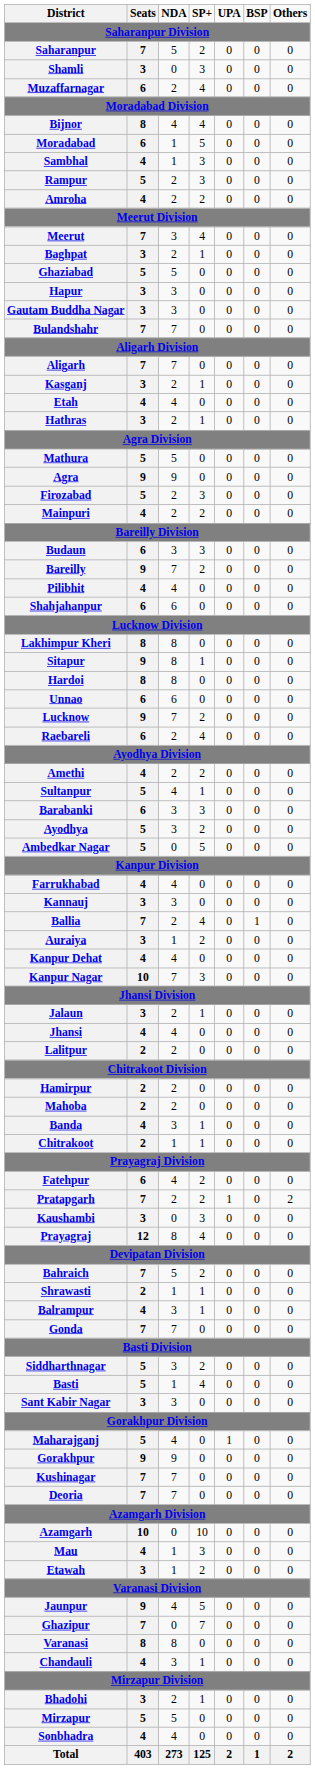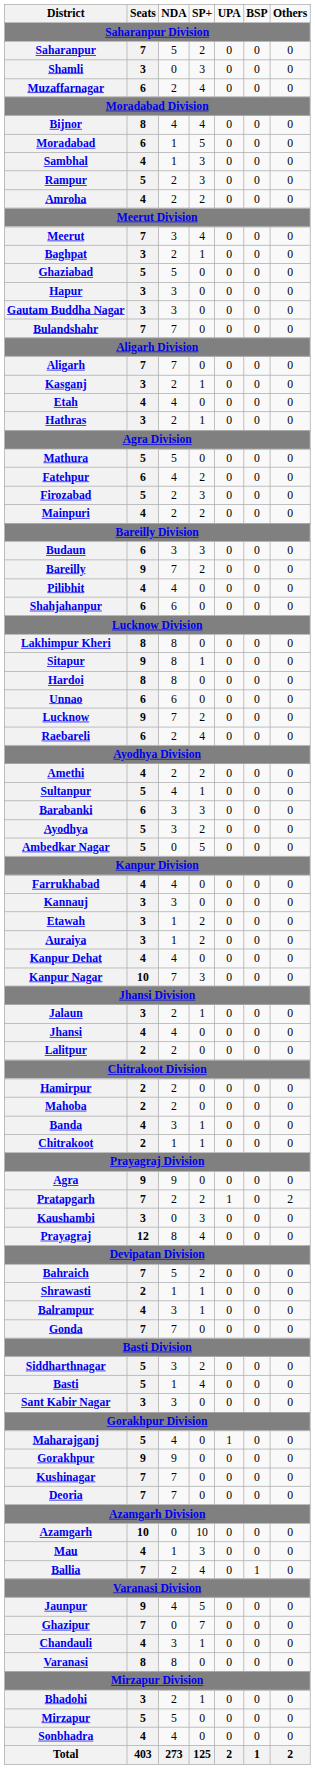 <table class="wikitable sortable" style="text-align:center">
 <tr>
 <th>District</th>
 <th>Seats</th>
 <td style="text-align:center; background:"><span><strong>NDA</strong></span></td>
 <td style="text-align:center; background:"><strong>SP+</strong></td>
 <td style="text-align:center; background:"><span><strong>UPA</strong></span></td>
 <td style="text-align:center; background:"><strong>BSP</strong></td>
 <td style="text-align:center; background:"><span><strong>Others</strong></span></td>
 </tr>
 <tr>
 <td colspan="7" align="center" bgcolor="grey"><a href='#'><span><strong>Saharanpur Division</strong></span></a></td>
 </tr>
 <tr>
 <th><a href='#'>Saharanpur</a></th>
 <th>7</th>
 <td style="background:">5</td>
 <td>2</td>
 <td>0</td>
 <td>0</td>
 <td>0</td>
 </tr>
 <tr>
 <th><a href='#'>Shamli</a></th>
 <th>3</th>
 <td>0</td>
 <td style="background:">3</td>
 <td>0</td>
 <td>0</td>
 <td>0</td>
 </tr>
 <tr>
 <th><a href='#'>Muzaffarnagar</a></th>
 <th>6</th>
 <td>2</td>
 <td style="background:">4</td>
 <td>0</td>
 <td>0</td>
 <td>0</td>
 </tr>
 <tr>
 <td colspan="7" align="center" bgcolor="grey"><a href='#'><span><strong>Moradabad Division</strong></span></a></td>
 </tr>
 <tr>
 <th><a href='#'>Bijnor</a></th>
 <th>8</th>
 <td>4</td>
 <td>4</td>
 <td>0</td>
 <td>0</td>
 <td>0</td>
 </tr>
 <tr>
 <th><a href='#'>Moradabad</a></th>
 <th>6</th>
 <td>1</td>
 <td style="background:">5</td>
 <td>0</td>
 <td>0</td>
 <td>0</td>
 </tr>
 <tr>
 <th><a href='#'>Sambhal</a></th>
 <th>4</th>
 <td>1</td>
 <td style="background:">3</td>
 <td>0</td>
 <td>0</td>
 <td>0</td>
 </tr>
 <tr>
 <th><a href='#'>Rampur</a></th>
 <th>5</th>
 <td>2</td>
 <td style="background:">3</td>
 <td>0</td>
 <td>0</td>
 <td>0</td>
 </tr>
 <tr>
 <th><a href='#'>Amroha</a></th>
 <th>4</th>
 <td>2</td>
 <td>2</td>
 <td>0</td>
 <td>0</td>
 <td>0</td>
 </tr>
 <tr>
 <td colspan="7" align="center" bgcolor="grey"><a href='#'><span><strong>Meerut Division</strong></span></a></td>
 </tr>
 <tr>
 <th><a href='#'>Meerut</a></th>
 <th>7</th>
 <td>3</td>
 <td style="background:">4</td>
 <td>0</td>
 <td>0</td>
 <td>0</td>
 </tr>
 <tr>
 <th><a href='#'>Baghpat</a></th>
 <th>3</th>
 <td style="background:">2</td>
 <td>1</td>
 <td>0</td>
 <td>0</td>
 <td>0</td>
 </tr>
 <tr>
 <th><a href='#'>Ghaziabad</a></th>
 <th>5</th>
 <td style="background:">5</td>
 <td>0</td>
 <td>0</td>
 <td>0</td>
 <td>0</td>
 </tr>
 <tr>
 <th><a href='#'>Hapur</a></th>
 <th>3</th>
 <td style="background:">3</td>
 <td>0</td>
 <td>0</td>
 <td>0</td>
 <td>0</td>
 </tr>
 <tr>
 <th><a href='#'>Gautam Buddha Nagar</a></th>
 <th>3</th>
 <td style="background:">3</td>
 <td>0</td>
 <td>0</td>
 <td>0</td>
 <td>0</td>
 </tr>
 <tr>
 <th><a href='#'>Bulandshahr</a></th>
 <th>7</th>
 <td style="background:">7</td>
 <td>0</td>
 <td>0</td>
 <td>0</td>
 <td>0</td>
 </tr>
 <tr>
 <td colspan="7" align="center" bgcolor="grey"><a href='#'><span><strong>Aligarh Division</strong></span></a></td>
 </tr>
 <tr>
 <th><a href='#'>Aligarh</a></th>
 <th>7</th>
 <td style="background:">7</td>
 <td>0</td>
 <td>0</td>
 <td>0</td>
 <td>0</td>
 </tr>
 <tr>
 <th><a href='#'>Kasganj</a></th>
 <th>3</th>
 <td style="background:">2</td>
 <td>1</td>
 <td>0</td>
 <td>0</td>
 <td>0</td>
 </tr>
 <tr>
 <th><a href='#'>Etah</a></th>
 <th>4</th>
 <td style="background:">4</td>
 <td>0</td>
 <td>0</td>
 <td>0</td>
 <td>0</td>
 </tr>
 <tr>
 <th><a href='#'>Hathras</a></th>
 <th>3</th>
 <td style="background:">2</td>
 <td>1</td>
 <td>0</td>
 <td>0</td>
 <td>0</td>
 </tr>
 <tr>
 <td colspan="7" align="center" bgcolor="grey"><a href='#'><span><strong>Agra Division</strong></span></a></td>
 </tr>
 <tr>
 <th><a href='#'>Mathura</a></th>
 <th>5</th>
 <td style="background:">5</td>
 <td>0</td>
 <td>0</td>
 <td>0</td>
 <td>0</td>
 </tr>
 <tr>
-<th><a href='#'>Agra</a></th>
-<th>9</th>
-<td style="background:">9</td>
-<td>0</td>
+<th><a href='#'>Fatehpur</a></th>
+<th>6</th>
+<td style="background:">4</td>
+<td>2</td>
 <td>0</td>
 <td>0</td>
 <td>0</td>
 </tr>
 <tr>
 <th><a href='#'>Firozabad</a></th>
 <th>5</th>
 <td>2</td>
 <td style="background:">3</td>
 <td>0</td>
 <td>0</td>
 <td>0</td>
 </tr>
 <tr>
 <th><a href='#'>Mainpuri</a></th>
 <th>4</th>
 <td>2</td>
 <td>2</td>
 <td>0</td>
 <td>0</td>
 <td>0</td>
 </tr>
 <tr>
 </tr>
 <tr>
 <td colspan="7" align="center" bgcolor="grey"><a href='#'><span><strong>Bareilly Division</strong></span></a></td>
 </tr>
 <tr>
 <th><a href='#'>Budaun</a></th>
 <th>6</th>
 <td>3</td>
 <td>3</td>
 <td>0</td>
 <td>0</td>
 <td>0</td>
 </tr>
 <tr>
 <th><a href='#'>Bareilly</a></th>
 <th>9</th>
 <td style="background:">7</td>
 <td>2</td>
 <td>0</td>
 <td>0</td>
 <td>0</td>
 </tr>
 <tr>
 <th><a href='#'>Pilibhit</a></th>
 <th>4</th>
 <td style="background:">4</td>
 <td>0</td>
 <td>0</td>
 <td>0</td>
 <td>0</td>
 </tr>
 <tr>
 <th><a href='#'>Shahjahanpur</a></th>
 <th>6</th>
 <td style="background:">6</td>
 <td>0</td>
 <td>0</td>
 <td>0</td>
 <td>0</td>
 </tr>
 <tr>
 <td colspan="7" align="center" bgcolor="grey"><a href='#'><span><strong>Lucknow Division</strong></span></a></td>
 </tr>
 <tr>
 <th><a href='#'>Lakhimpur Kheri</a></th>
 <th>8</th>
 <td style="background:">8</td>
 <td>0</td>
 <td>0</td>
 <td>0</td>
 <td>0</td>
 </tr>
 <tr>
 <th><a href='#'>Sitapur</a></th>
 <th>9</th>
 <td style="background:">8</td>
 <td>1</td>
 <td>0</td>
 <td>0</td>
 <td>0</td>
 </tr>
 <tr>
 <th><a href='#'>Hardoi</a></th>
 <th>8</th>
 <td style="background:">8</td>
 <td>0</td>
 <td>0</td>
 <td>0</td>
 <td>0</td>
 </tr>
 <tr>
 <th><a href='#'>Unnao</a></th>
 <th>6</th>
 <td style="background:">6</td>
 <td>0</td>
 <td>0</td>
 <td>0</td>
 <td>0</td>
 </tr>
 <tr>
 <th><a href='#'>Lucknow</a></th>
 <th>9</th>
 <td style="background:">7</td>
 <td>2</td>
 <td>0</td>
 <td>0</td>
 <td>0</td>
 </tr>
 <tr>
 <th><a href='#'>Raebareli</a></th>
 <th>6</th>
 <td>2</td>
 <td style="background:">4</td>
 <td>0</td>
 <td>0</td>
 <td>0</td>
 </tr>
 <tr>
 <td colspan="7" align="center" bgcolor="grey"><a href='#'><span><strong>Ayodhya Division</strong></span></a></td>
 </tr>
 <tr>
 <th><a href='#'>Amethi</a></th>
 <th>4</th>
 <td>2</td>
 <td>2</td>
 <td>0</td>
 <td>0</td>
 <td>0</td>
 </tr>
 <tr>
 <th><a href='#'>Sultanpur</a></th>
 <th>5</th>
 <td style="background:">4</td>
 <td>1</td>
 <td>0</td>
 <td>0</td>
 <td>0</td>
 </tr>
 <tr>
 <th><a href='#'>Barabanki</a></th>
 <th>6</th>
 <td>3</td>
 <td>3</td>
 <td>0</td>
 <td>0</td>
 <td>0</td>
 </tr>
 <tr>
 <th><a href='#'>Ayodhya</a></th>
 <th>5</th>
 <td style="background:">3</td>
 <td>2</td>
 <td>0</td>
 <td>0</td>
 <td>0</td>
 </tr>
 <tr>
 <th><a href='#'>Ambedkar Nagar</a></th>
 <th>5</th>
 <td>0</td>
 <td style="background:">5</td>
 <td>0</td>
 <td>0</td>
 <td>0</td>
 </tr>
 <tr>
 <td colspan="7" align="center" bgcolor="grey"><a href='#'><span><strong>Kanpur Division</strong></span></a></td>
 </tr>
 <tr>
 <th><a href='#'>Farrukhabad</a></th>
 <th>4</th>
 <td style="background:">4</td>
 <td>0</td>
 <td>0</td>
 <td>0</td>
 <td>0</td>
 </tr>
 <tr>
 <th><a href='#'>Kannauj</a></th>
 <th>3</th>
 <td style="background:">3</td>
 <td>0</td>
 <td>0</td>
 <td>0</td>
 <td>0</td>
 </tr>
 <tr>
-<th><a href='#'>Ballia</a></th>
-<th>7</th>
-<td>2</td>
-<td style="background:">4</td>
+<th><a href='#'>Etawah</a></th>
+<th>3</th>
+<td>1</td>
+<td style="background:">2</td>
 <td>0</td>
-<td>1</td>
+<td>0</td>
 <td>0</td>
 </tr>
 <tr>
 <th><a href='#'>Auraiya</a></th>
 <th>3</th>
 <td>1</td>
 <td style="background:">2</td>
 <td>0</td>
 <td>0</td>
 <td>0</td>
 </tr>
 <tr>
 <th><a href='#'>Kanpur Dehat</a></th>
 <th>4</th>
 <td style="background:">4</td>
 <td>0</td>
 <td>0</td>
 <td>0</td>
 <td>0</td>
 </tr>
 <tr>
 <th><a href='#'>Kanpur Nagar</a></th>
 <th>10</th>
 <td style="background:">7</td>
 <td>3</td>
 <td>0</td>
 <td>0</td>
 <td>0</td>
 </tr>
 <tr>
 <td colspan="7" align="center" bgcolor="grey"><a href='#'><span><strong>Jhansi Division</strong></span></a></td>
 </tr>
 <tr>
 <th><a href='#'>Jalaun</a></th>
 <th>3</th>
 <td style="background:">2</td>
 <td>1</td>
 <td>0</td>
 <td>0</td>
 <td>0</td>
 </tr>
 <tr>
 <th><a href='#'>Jhansi</a></th>
 <th>4</th>
 <td style="background:">4</td>
 <td>0</td>
 <td>0</td>
 <td>0</td>
 <td>0</td>
 </tr>
 <tr>
 <th><a href='#'>Lalitpur</a></th>
 <th>2</th>
 <td style="background:">2</td>
 <td>0</td>
 <td>0</td>
 <td>0</td>
 <td>0</td>
 </tr>
 <tr>
 <td colspan="7" align="center" bgcolor="grey"><a href='#'><span><strong>Chitrakoot Division</strong></span></a></td>
 </tr>
 <tr>
 <th><a href='#'>Hamirpur</a></th>
 <th>2</th>
 <td style="background:">2</td>
 <td>0</td>
 <td>0</td>
 <td>0</td>
 <td>0</td>
 </tr>
 <tr>
 <th><a href='#'>Mahoba</a></th>
 <th>2</th>
 <td style="background:">2</td>
 <td>0</td>
 <td>0</td>
 <td>0</td>
 <td>0</td>
 </tr>
 <tr>
 <th><a href='#'>Banda</a></th>
 <th>4</th>
 <td style="background:">3</td>
 <td>1</td>
 <td>0</td>
 <td>0</td>
 <td>0</td>
 </tr>
 <tr>
 <th><a href='#'>Chitrakoot</a></th>
 <th>2</th>
 <td>1</td>
 <td>1</td>
 <td>0</td>
 <td>0</td>
 <td>0</td>
 </tr>
 <tr>
 <td colspan="7" align="center" bgcolor="grey"><a href='#'><span><strong>Prayagraj Division</strong></span></a></td>
 </tr>
 <tr>
-<th><a href='#'>Fatehpur</a></th>
-<th>6</th>
-<td style="background:">4</td>
-<td>2</td>
+<th><a href='#'>Agra</a></th>
+<th>9</th>
+<td style="background:">9</td>
+<td>0</td>
 <td>0</td>
 <td>0</td>
 <td>0</td>
 </tr>
 <tr>
 <th><a href='#'>Pratapgarh</a></th>
 <th>7</th>
 <td>2</td>
 <td>2</td>
 <td>1</td>
 <td>0</td>
 <td>2</td>
 </tr>
 <tr>
 <th><a href='#'>Kaushambi</a></th>
 <th>3</th>
 <td>0</td>
 <td style="background:">3</td>
 <td>0</td>
 <td>0</td>
 <td>0</td>
 </tr>
 <tr>
 <th><a href='#'>Prayagraj</a></th>
 <th>12</th>
 <td style="background:">8</td>
 <td>4</td>
 <td>0</td>
 <td>0</td>
 <td>0</td>
 </tr>
 <tr>
 <td colspan="7" align="center" bgcolor="grey"><a href='#'><span><strong>Devipatan Division</strong></span></a></td>
 </tr>
 <tr>
 <th><a href='#'>Bahraich</a></th>
 <th>7</th>
 <td style="background:">5</td>
 <td>2</td>
 <td>0</td>
 <td>0</td>
 <td>0</td>
 </tr>
 <tr>
 <th><a href='#'>Shrawasti</a></th>
 <th>2</th>
 <td>1</td>
 <td>1</td>
 <td>0</td>
 <td>0</td>
 <td>0</td>
 </tr>
 <tr>
 <th><a href='#'>Balrampur</a></th>
 <th>4</th>
 <td style="background:">3</td>
 <td>1</td>
 <td>0</td>
 <td>0</td>
 <td>0</td>
 </tr>
 <tr>
 <th><a href='#'>Gonda</a></th>
 <th>7</th>
 <td style="background:">7</td>
 <td>0</td>
 <td>0</td>
 <td>0</td>
 <td>0</td>
 </tr>
 <tr>
 <td colspan="7" align="center" bgcolor="grey"><a href='#'><span><strong>Basti Division</strong></span></a></td>
 </tr>
 <tr>
 <th><a href='#'>Siddharthnagar</a></th>
 <th>5</th>
 <td style="background:">3</td>
 <td>2</td>
 <td>0</td>
 <td>0</td>
 <td>0</td>
 </tr>
 <tr>
 <th><a href='#'>Basti</a></th>
 <th>5</th>
 <td>1</td>
 <td style="background:">4</td>
 <td>0</td>
 <td>0</td>
 <td>0</td>
 </tr>
 <tr>
 <th><a href='#'>Sant Kabir Nagar</a></th>
 <th>3</th>
 <td style="background:">3</td>
 <td>0</td>
 <td>0</td>
 <td>0</td>
 <td>0</td>
 </tr>
 <tr>
 <td colspan="7" align="center" bgcolor="grey"><a href='#'><span><strong>Gorakhpur Division</strong></span></a></td>
 </tr>
 <tr>
 <th><a href='#'>Maharajganj</a></th>
 <th>5</th>
 <td style="background:">4</td>
 <td>0</td>
 <td>1</td>
 <td>0</td>
 <td>0</td>
 </tr>
 <tr>
 <th><a href='#'>Gorakhpur</a></th>
 <th>9</th>
 <td style="background:">9</td>
 <td>0</td>
 <td>0</td>
 <td>0</td>
 <td>0</td>
 </tr>
 <tr>
 <th><a href='#'>Kushinagar</a></th>
 <th>7</th>
 <td style="background:">7</td>
 <td>0</td>
 <td>0</td>
 <td>0</td>
 <td>0</td>
 </tr>
 <tr>
 <th><a href='#'>Deoria</a></th>
 <th>7</th>
 <td style="background:">7</td>
 <td>0</td>
 <td>0</td>
 <td>0</td>
 <td>0</td>
 </tr>
 <tr>
 <td colspan="7" align="center" bgcolor="grey"><a href='#'><span><strong>Azamgarh Division</strong></span></a></td>
 </tr>
 <tr>
 <th><a href='#'>Azamgarh</a></th>
 <th>10</th>
 <td>0</td>
 <td style="background:">10</td>
 <td>0</td>
 <td>0</td>
 <td>0</td>
 </tr>
 <tr>
 <th><a href='#'>Mau</a></th>
 <th>4</th>
 <td>1</td>
 <td style="background:">3</td>
 <td>0</td>
 <td>0</td>
 <td>0</td>
 </tr>
 <tr>
-<th><a href='#'>Etawah</a></th>
-<th>3</th>
+<th><a href='#'>Ballia</a></th>
+<th>7</th>
+<td>2</td>
+<td style="background:">4</td>
+<td>0</td>
 <td>1</td>
-<td style="background:">2</td>
-<td>0</td>
-<td>0</td>
 <td>0</td>
 </tr>
 <tr>
 <td colspan="7" align="center" bgcolor="grey"><a href='#'><span><strong>Varanasi Division</strong></span></a></td>
 </tr>
 <tr>
 <th><a href='#'>Jaunpur</a></th>
 <th>9</th>
 <td>4</td>
 <td style="background:">5</td>
 <td>0</td>
 <td>0</td>
 <td>0</td>
 </tr>
 <tr>
 <th><a href='#'>Ghazipur</a></th>
 <th>7</th>
 <td>0</td>
 <td style="background:">7</td>
 <td>0</td>
 <td>0</td>
 <td>0</td>
 </tr>
 <tr>
-<th><a href='#'>Varanasi</a></th>
-<th>8</th>
-<td style="background:">8</td>
-<td>0</td>
+<th><a href='#'>Chandauli</a></th>
+<th>4</th>
+<td style="background:">3</td>
+<td>1</td>
 <td>0</td>
 <td>0</td>
 <td>0</td>
 </tr>
 <tr>
-<th><a href='#'>Chandauli</a></th>
-<th>4</th>
-<td style="background:">3</td>
-<td>1</td>
+<th><a href='#'>Varanasi</a></th>
+<th>8</th>
+<td style="background:">8</td>
+<td>0</td>
 <td>0</td>
 <td>0</td>
 <td>0</td>
 </tr>
 <tr>
 <td colspan="7" align="center" bgcolor="grey"><a href='#'><span><strong>Mirzapur Division</strong></span></a></td>
 </tr>
 <tr>
 <th><a href='#'>Bhadohi</a></th>
 <th>3</th>
 <td style="background:">2</td>
 <td>1</td>
 <td>0</td>
 <td>0</td>
 <td>0</td>
 </tr>
 <tr>
 <th><a href='#'>Mirzapur</a></th>
 <th>5</th>
 <td style="background:">5</td>
 <td>0</td>
 <td>0</td>
 <td>0</td>
 <td>0</td>
 </tr>
 <tr>
 <th><a href='#'>Sonbhadra</a></th>
 <th>4</th>
 <td style="background:">4</td>
 <td>0</td>
 <td>0</td>
 <td>0</td>
 <td>0</td>
 </tr>
 <tr>
 <th>Total</th>
 <th>403</th>
 <th>273</th>
 <th>125</th>
 <th>2</th>
 <th>1</th>
 <th>2</th>
 </tr>
 </table>
